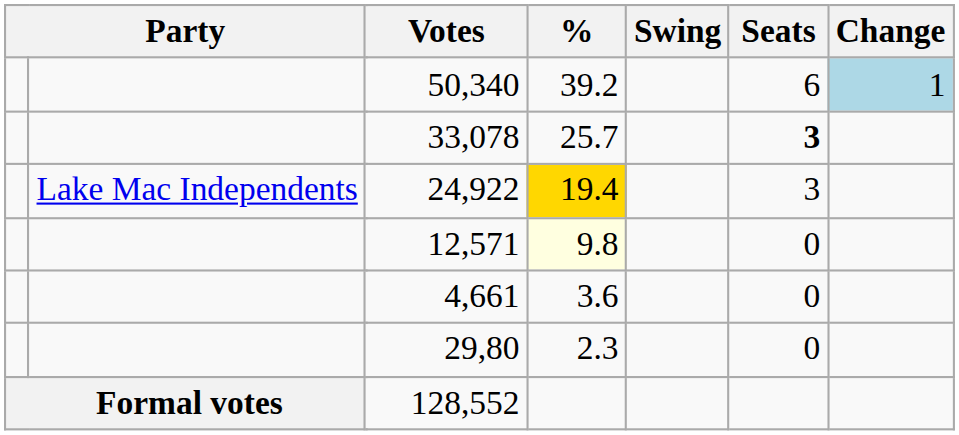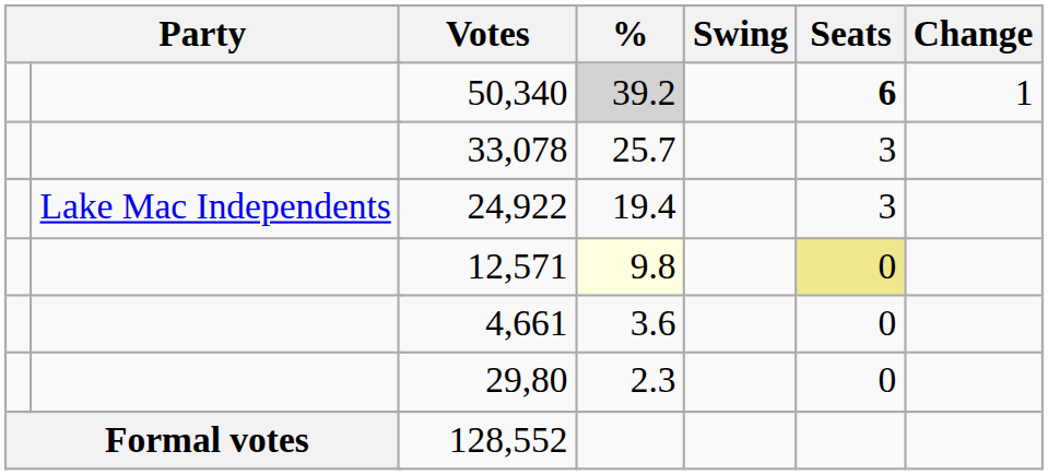 <table class="wikitable" style="text-align:right; margin-bottom:0">
 <tr>
 <th style="width:10px" colspan=3>Party</th>
 <th style="width:70px;">Votes</th>
 <th style="width:40px;">%</th>
 <th style="width:40px;">Swing</th>
 <th style="width:40px;">Seats</th>
 <th style="width:40px;">Change</th>
 </tr>
 <tr>
 <td> </td>
 <td style="text-align:left;" colspan="2"></td>
 <td>50,340</td>
-<td>39.2</td>
+<td style="background: lightgrey;">39.2</td>
 <td></td>
-<td>6</td>
-<td style="background: lightblue;"> 1</td>
+<td><strong>6</strong></td>
+<td> 1</td>
 </tr>
 <tr>
 <td> </td>
 <td style="text-align:left;" colspan="2"></td>
 <td>33,078</td>
 <td>25.7</td>
 <td></td>
-<td><strong>3</strong></td>
+<td>3</td>
 <td></td>
 </tr>
 <tr>
 <td> </td>
 <td style="text-align:left;" colspan="2"><a href='#'>Lake Mac Independents</a></td>
 <td>24,922</td>
-<td style="background: gold;">19.4</td>
+<td>19.4</td>
 <td></td>
 <td>3</td>
 <td></td>
 </tr>
 <tr>
 <td> </td>
 <td style="text-align:left;" colspan="2"></td>
 <td>12,571</td>
 <td style="background: lightyellow;">9.8</td>
 <td></td>
-<td>0</td>
+<td style="background: khaki;">0</td>
 <td></td>
 </tr>
 <tr>
 <td> </td>
 <td style="text-align:left;" colspan="2"></td>
 <td>4,661</td>
 <td>3.6</td>
 <td></td>
 <td>0</td>
 <td></td>
 </tr>
 <tr>
 <td> </td>
 <td style="text-align:left;" colspan="2"></td>
 <td>29,80</td>
 <td>2.3</td>
 <td></td>
 <td>0</td>
 <td></td>
 </tr>
 <tr>
 <th colspan="3" rowspan="1"> Formal votes</th>
 <td>128,552</td>
 <td></td>
 <td></td>
 <td></td>
 <td></td>
 </tr>
 </table>
